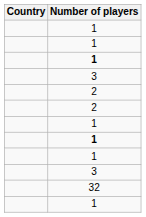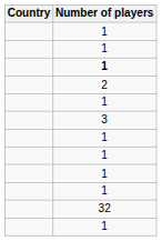 <table class="wikitable sortable">
 <tr>
 <th>Country</th>
 <th>Number of players</th>
 </tr>
 <tr>
 <td align=left></td>
 <td align=center>1</td>
 </tr>
 <tr>
 <td align=left></td>
 <td align=center>1</td>
 </tr>
 <tr>
 <td align=left></td>
 <td align=center><strong>1</strong></td>
 </tr>
 <tr>
 <td align=left></td>
-<td align=center>3</td>
-</tr>
-<tr>
-<td align=left></td>
 <td align=center>2</td>
-</tr>
-<tr>
-<td align=left></td>
-<td align=center>2</td>
-</tr>
-<tr>
-<td align=left></td>
-<td align=center>1</td>
-</tr>
-<tr>
-<td align=left></td>
-<td align=center><strong>1</strong></td>
 </tr>
 <tr>
 <td align=left></td>
 <td align=center>1</td>
 </tr>
 <tr>
 <td align=left></td>
 <td align=center>3</td>
 </tr>
 <tr>
 <td align=left></td>
+<td align=center>1</td>
+</tr>
+<tr>
+<td align=left></td>
+<td align=center>1</td>
+</tr>
+<tr>
+<td align=left></td>
+<td align=center>1</td>
+</tr>
+<tr>
+<td align=left></td>
+<td align=center>1</td>
+</tr>
+<tr>
+<td align=left></td>
 <td align=center>32</td>
 </tr>
 <tr>
 <td align=left></td>
 <td align=center>1</td>
 </tr>
 </table>
